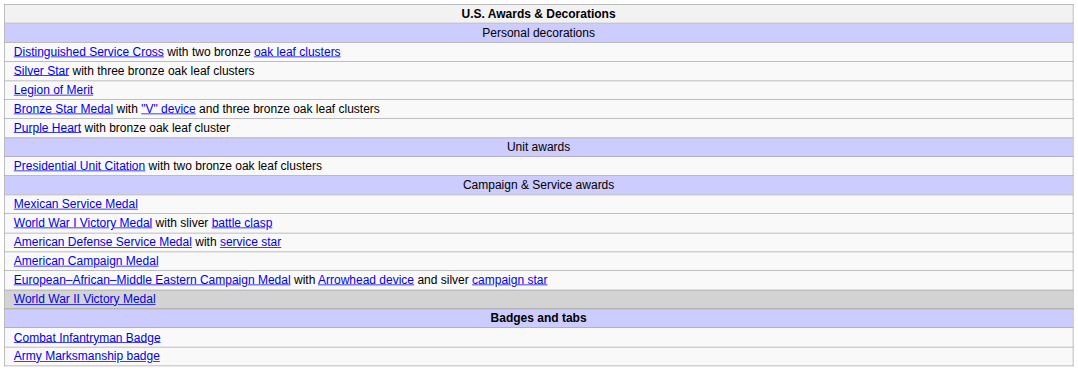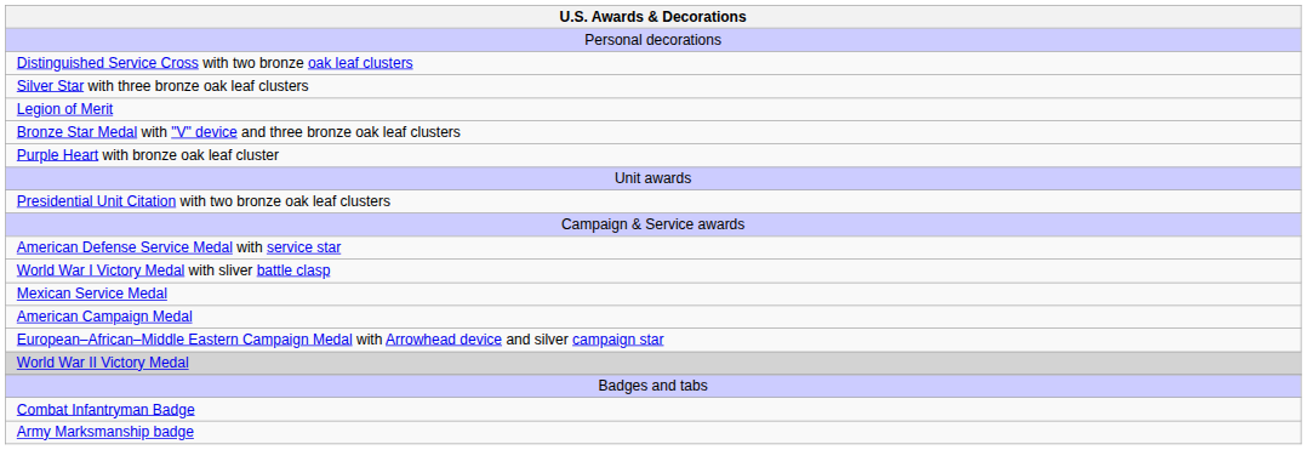 <table class="wikitable" style="width:90%;">
 <tr>
 <th>U.S. Awards & Decorations</th>
 </tr>
 <tr style="background:#ccf; text-align:center;">
 <td>Personal decorations</td>
 </tr>
 <tr>
 <td>  <a href='#'>Distinguished Service Cross</a> with two bronze <a href='#'>oak leaf clusters</a></td>
 </tr>
 <tr>
 <td>  <a href='#'>Silver Star</a> with three bronze oak leaf clusters</td>
 </tr>
 <tr>
 <td>  <a href='#'>Legion of Merit</a></td>
 </tr>
 <tr>
 <td>  <a href='#'>Bronze Star Medal</a> with <a href='#'>"V" device</a> and three bronze oak leaf clusters</td>
 </tr>
 <tr>
 <td>  <a href='#'>Purple Heart</a> with bronze oak leaf cluster</td>
 </tr>
 <tr style="background:#ccf; text-align:center;">
 <td>Unit awards</td>
 </tr>
 <tr>
 <td>  <a href='#'>Presidential Unit Citation</a> with two bronze oak leaf clusters</td>
 </tr>
 <tr style="background:#ccf; text-align:center;">
 <td>Campaign & Service awards</td>
 </tr>
 <tr>
-<td>  <a href='#'>Mexican Service Medal</a></td>
+<td>  <a href='#'>American Defense Service Medal</a> with <a href='#'>service star</a></td>
 </tr>
 <tr>
 <td>  <a href='#'>World War I Victory Medal</a> with sliver <a href='#'>battle clasp</a></td>
 </tr>
 <tr>
-<td>  <a href='#'>American Defense Service Medal</a> with <a href='#'>service star</a></td>
+<td>  <a href='#'>Mexican Service Medal</a></td>
 </tr>
 <tr>
 <td>  <a href='#'>American Campaign Medal</a></td>
 </tr>
 <tr>
 <td>  <a href='#'>European–African–Middle Eastern Campaign Medal</a> with <a href='#'>Arrowhead device</a> and silver <a href='#'>campaign star</a></td>
 </tr>
 <tr>
 <td style="background: lightgrey;">  <a href='#'>World War II Victory Medal</a></td>
 </tr>
 <tr>
 </tr>
 <tr style="background:#ccf; text-align:center;">
-<td><strong>Badges and tabs</strong></td>
+<td>Badges and tabs</td>
 </tr>
 <tr>
 <td>  <a href='#'>Combat Infantryman Badge</a></td>
 </tr>
 <tr>
 <td>  <a href='#'>Army Marksmanship badge</a></td>
 </tr>
 </table>
